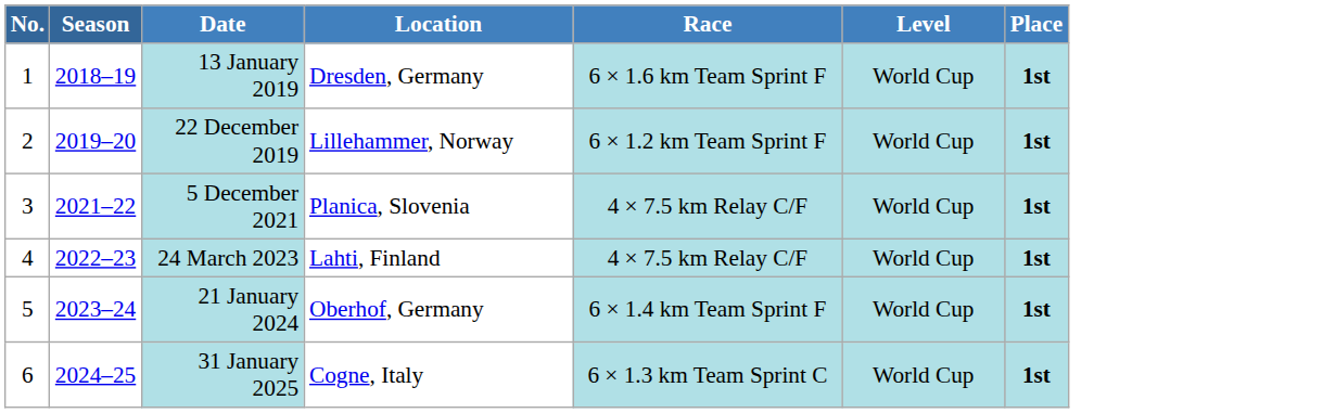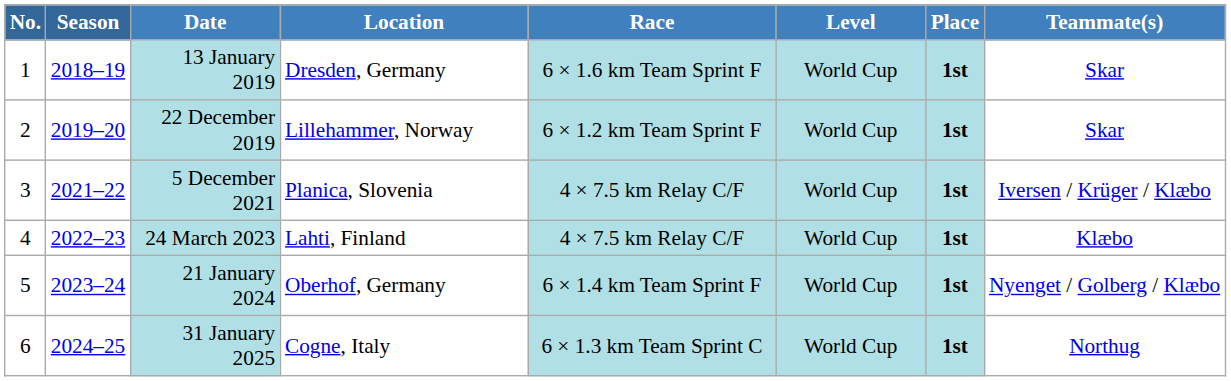 <table class="wikitable sortable" style="font-size:95%; text-align:center; border:grey solid 1px; border-collapse:collapse; background:#ffffff;">
 <tr style="background:#efefef;">
 <th style="background-color:#369; color:white;">No.</th>
 <th style="background-color:#369; color:white;">Season</th>
 <th style="background-color:#4180be; color:white; width:100px;">Date</th>
 <th style="background-color:#4180be; color:white; width:170px;">Location</th>
 <th style="background-color:#4180be; color:white; width:170px;">Race</th>
 <th style="background-color:#4180be; color:white; width:100px;">Level</th>
 <th style="background-color:#4180be; color:white;">Place</th>
+<th style="background-color:#4180be; color:white;">Teammate(s)</th>
 </tr>
 <tr>
 <td align=center>1</td>
 <td align=center><a href='#'>2018–19</a></td>
 <td bgcolor="#BOEOE6" align=right>13 January 2019</td>
 <td align=left> <a href='#'>Dresden</a>, Germany</td>
 <td bgcolor="#BOEOE6">6 × 1.6 km Team Sprint F</td>
 <td bgcolor="#BOEOE6">World Cup</td>
 <td bgcolor="#BOEOE6"><strong>1st</strong></td>
+<td><a href='#'>Skar</a></td>
 </tr>
 <tr>
 <td align=center>2</td>
 <td align=center><a href='#'>2019–20</a></td>
 <td bgcolor="#BOEOE6" align=right>22 December 2019</td>
 <td align=left> <a href='#'>Lillehammer</a>, Norway</td>
 <td bgcolor="#BOEOE6">6 × 1.2 km Team Sprint F</td>
 <td bgcolor="#BOEOE6">World Cup</td>
 <td bgcolor="#BOEOE6"><strong>1st</strong></td>
+<td><a href='#'>Skar</a></td>
 </tr>
 <tr>
 <td align=center>3</td>
 <td align=center><a href='#'>2021–22</a></td>
 <td bgcolor="#BOEOE6" align=right>5 December 2021</td>
 <td align=left> <a href='#'>Planica</a>, Slovenia</td>
 <td bgcolor="#BOEOE6">4 × 7.5 km Relay C/F</td>
 <td bgcolor="#BOEOE6">World Cup</td>
 <td bgcolor="#BOEOE6"><strong>1st</strong></td>
+<td><a href='#'>Iversen</a> / <a href='#'>Krüger</a> / <a href='#'>Klæbo</a></td>
 </tr>
 <tr>
 <td align=center>4</td>
 <td align=center><a href='#'>2022–23</a></td>
 <td bgcolor="#BOEOE6" align=right>24 March 2023</td>
 <td align=left> <a href='#'>Lahti</a>, Finland</td>
 <td bgcolor="#BOEOE6">4 × 7.5 km Relay C/F</td>
 <td bgcolor="#BOEOE6">World Cup</td>
 <td bgcolor="#BOEOE6"><strong>1st</strong></td>
+<td><a href='#'>Klæbo</a></td>
 </tr>
 <tr>
 <td align=center>5</td>
 <td align=center><a href='#'>2023–24</a></td>
 <td bgcolor="#BOEOE6" align=right>21 January 2024</td>
 <td align=left> <a href='#'>Oberhof</a>, Germany</td>
 <td bgcolor="#BOEOE6">6 × 1.4 km Team Sprint F</td>
 <td bgcolor="#BOEOE6">World Cup</td>
 <td bgcolor="#BOEOE6"><strong>1st</strong></td>
+<td><a href='#'>Nyenget</a> / <a href='#'>Golberg</a> / <a href='#'>Klæbo</a></td>
 </tr>
 <tr>
 <td align=center>6</td>
 <td align=center><a href='#'>2024–25</a></td>
 <td bgcolor="#BOEOE6" align=right>31 January 2025</td>
 <td align=left> <a href='#'>Cogne</a>, Italy</td>
 <td bgcolor="#BOEOE6">6 × 1.3 km Team Sprint C</td>
 <td bgcolor="#BOEOE6">World Cup</td>
 <td bgcolor="#BOEOE6"><strong>1st</strong></td>
+<td><a href='#'>Northug</a></td>
 </tr>
 </table>
